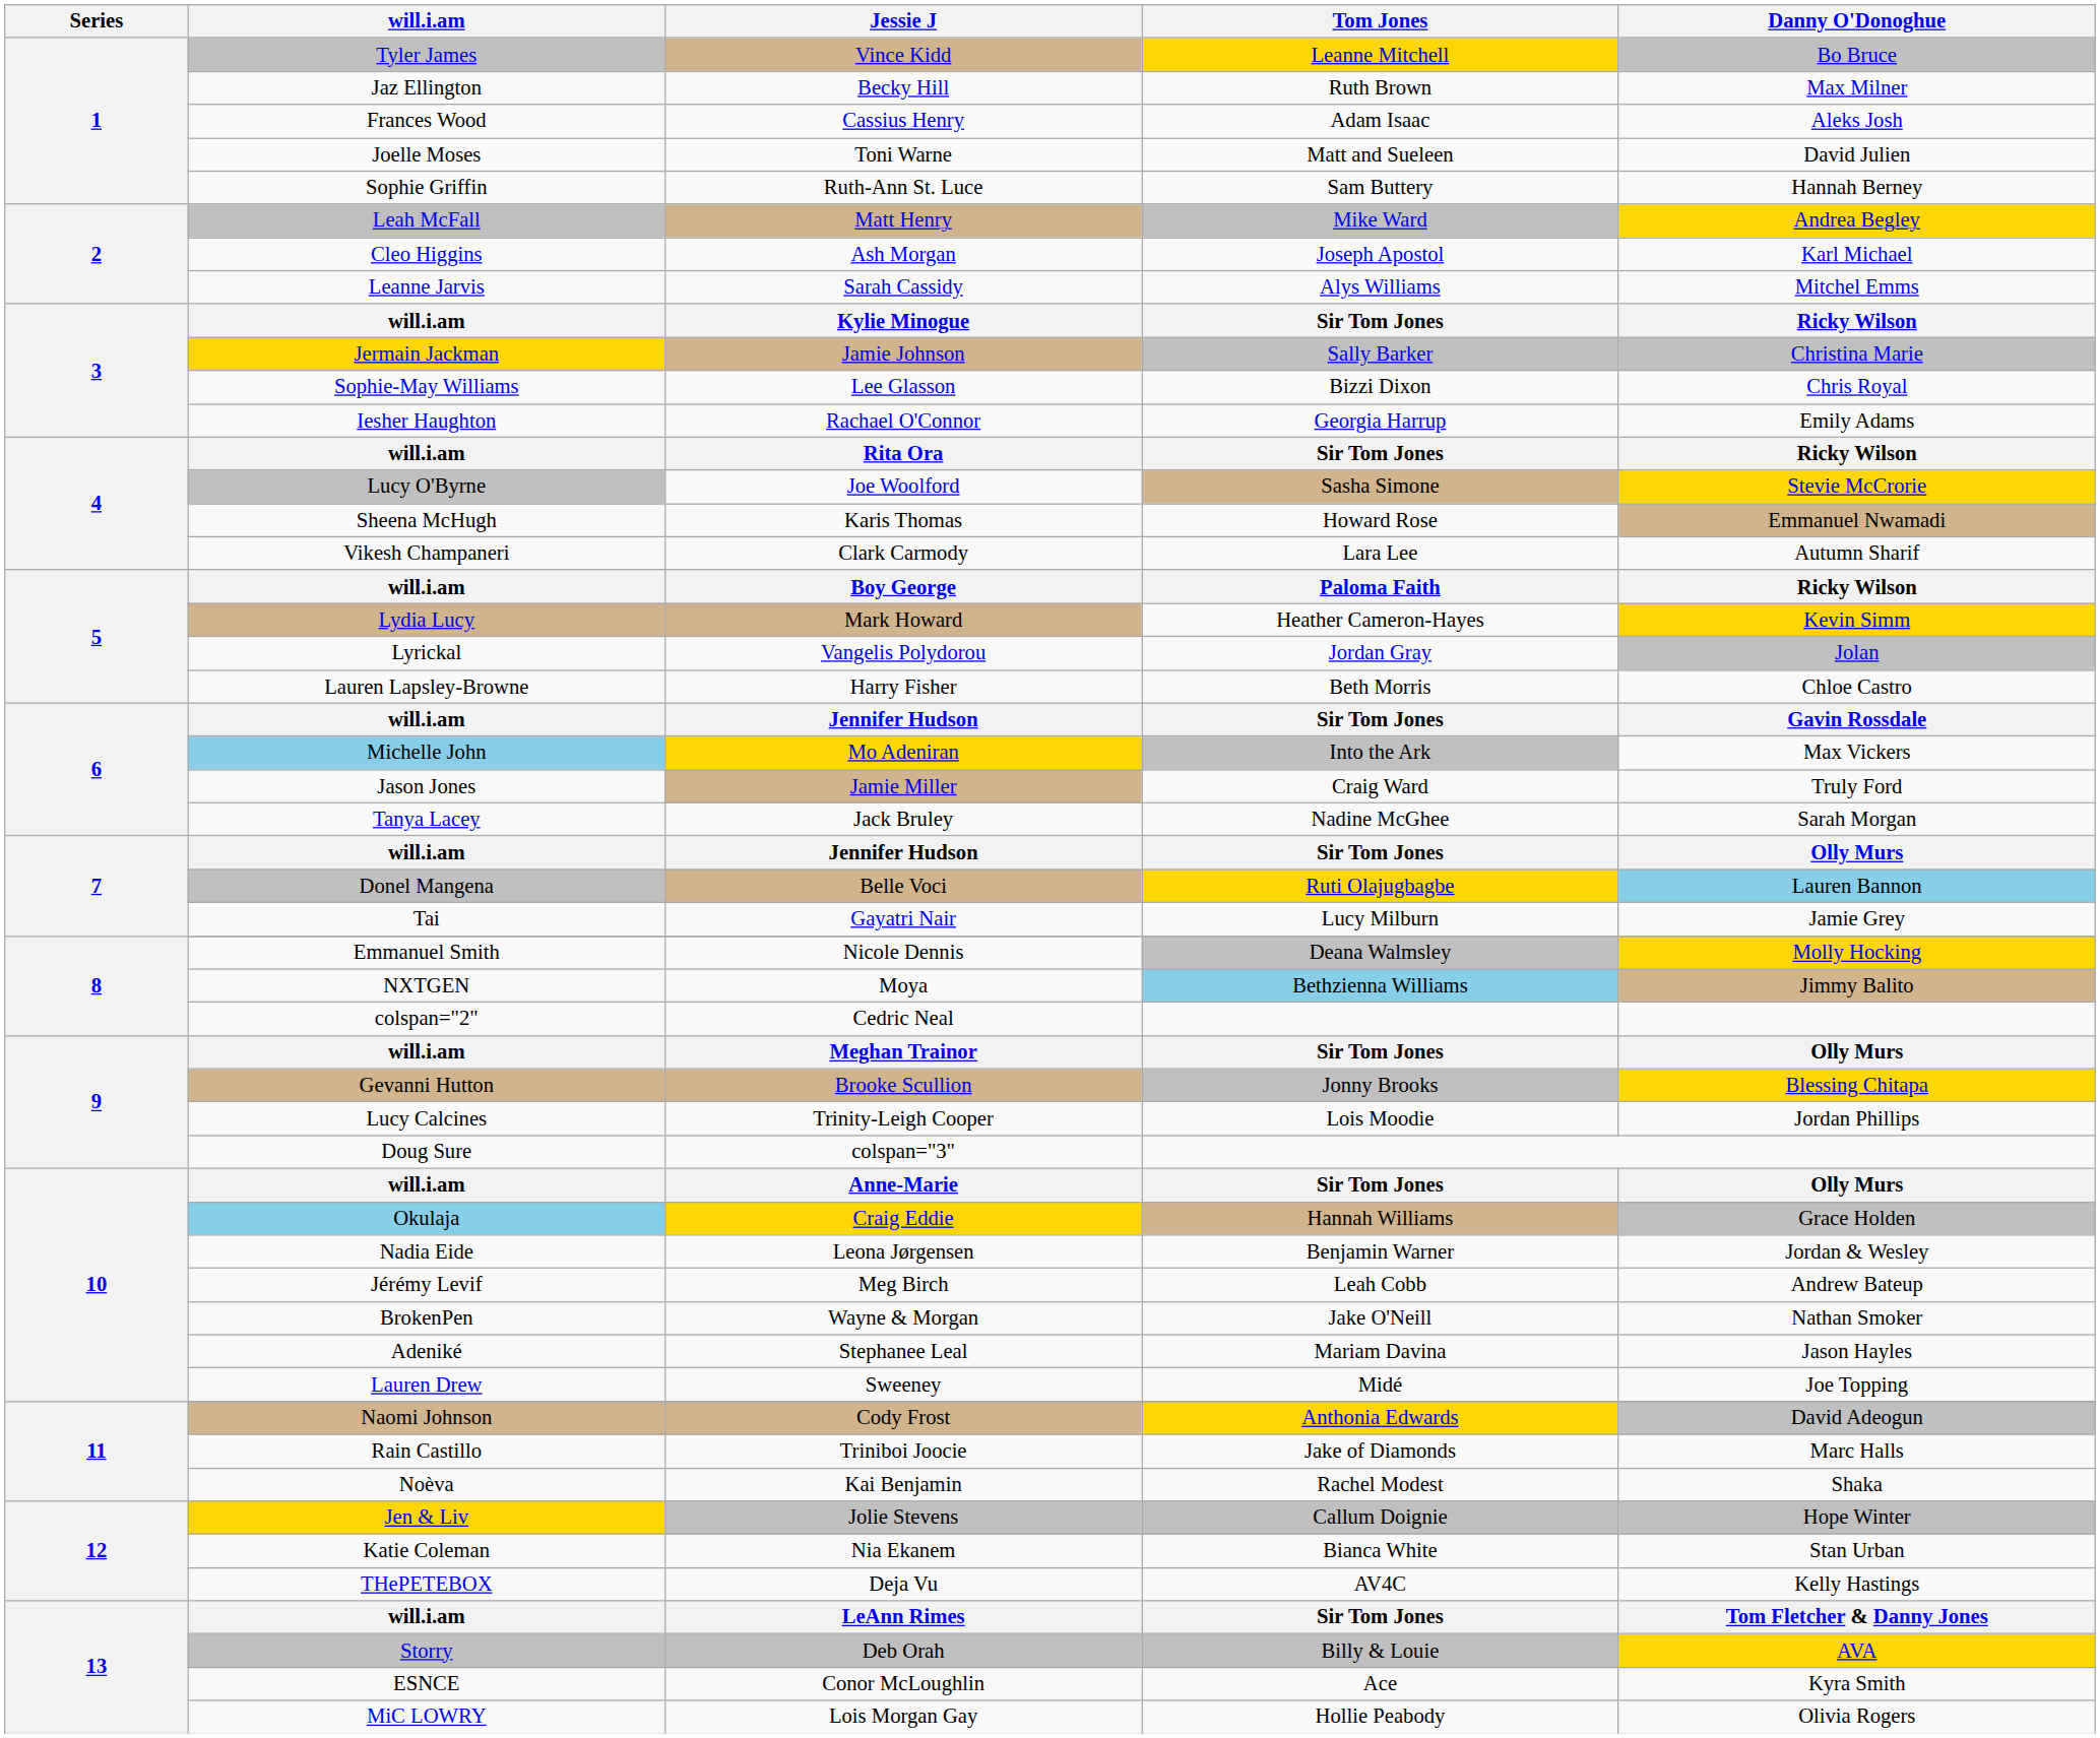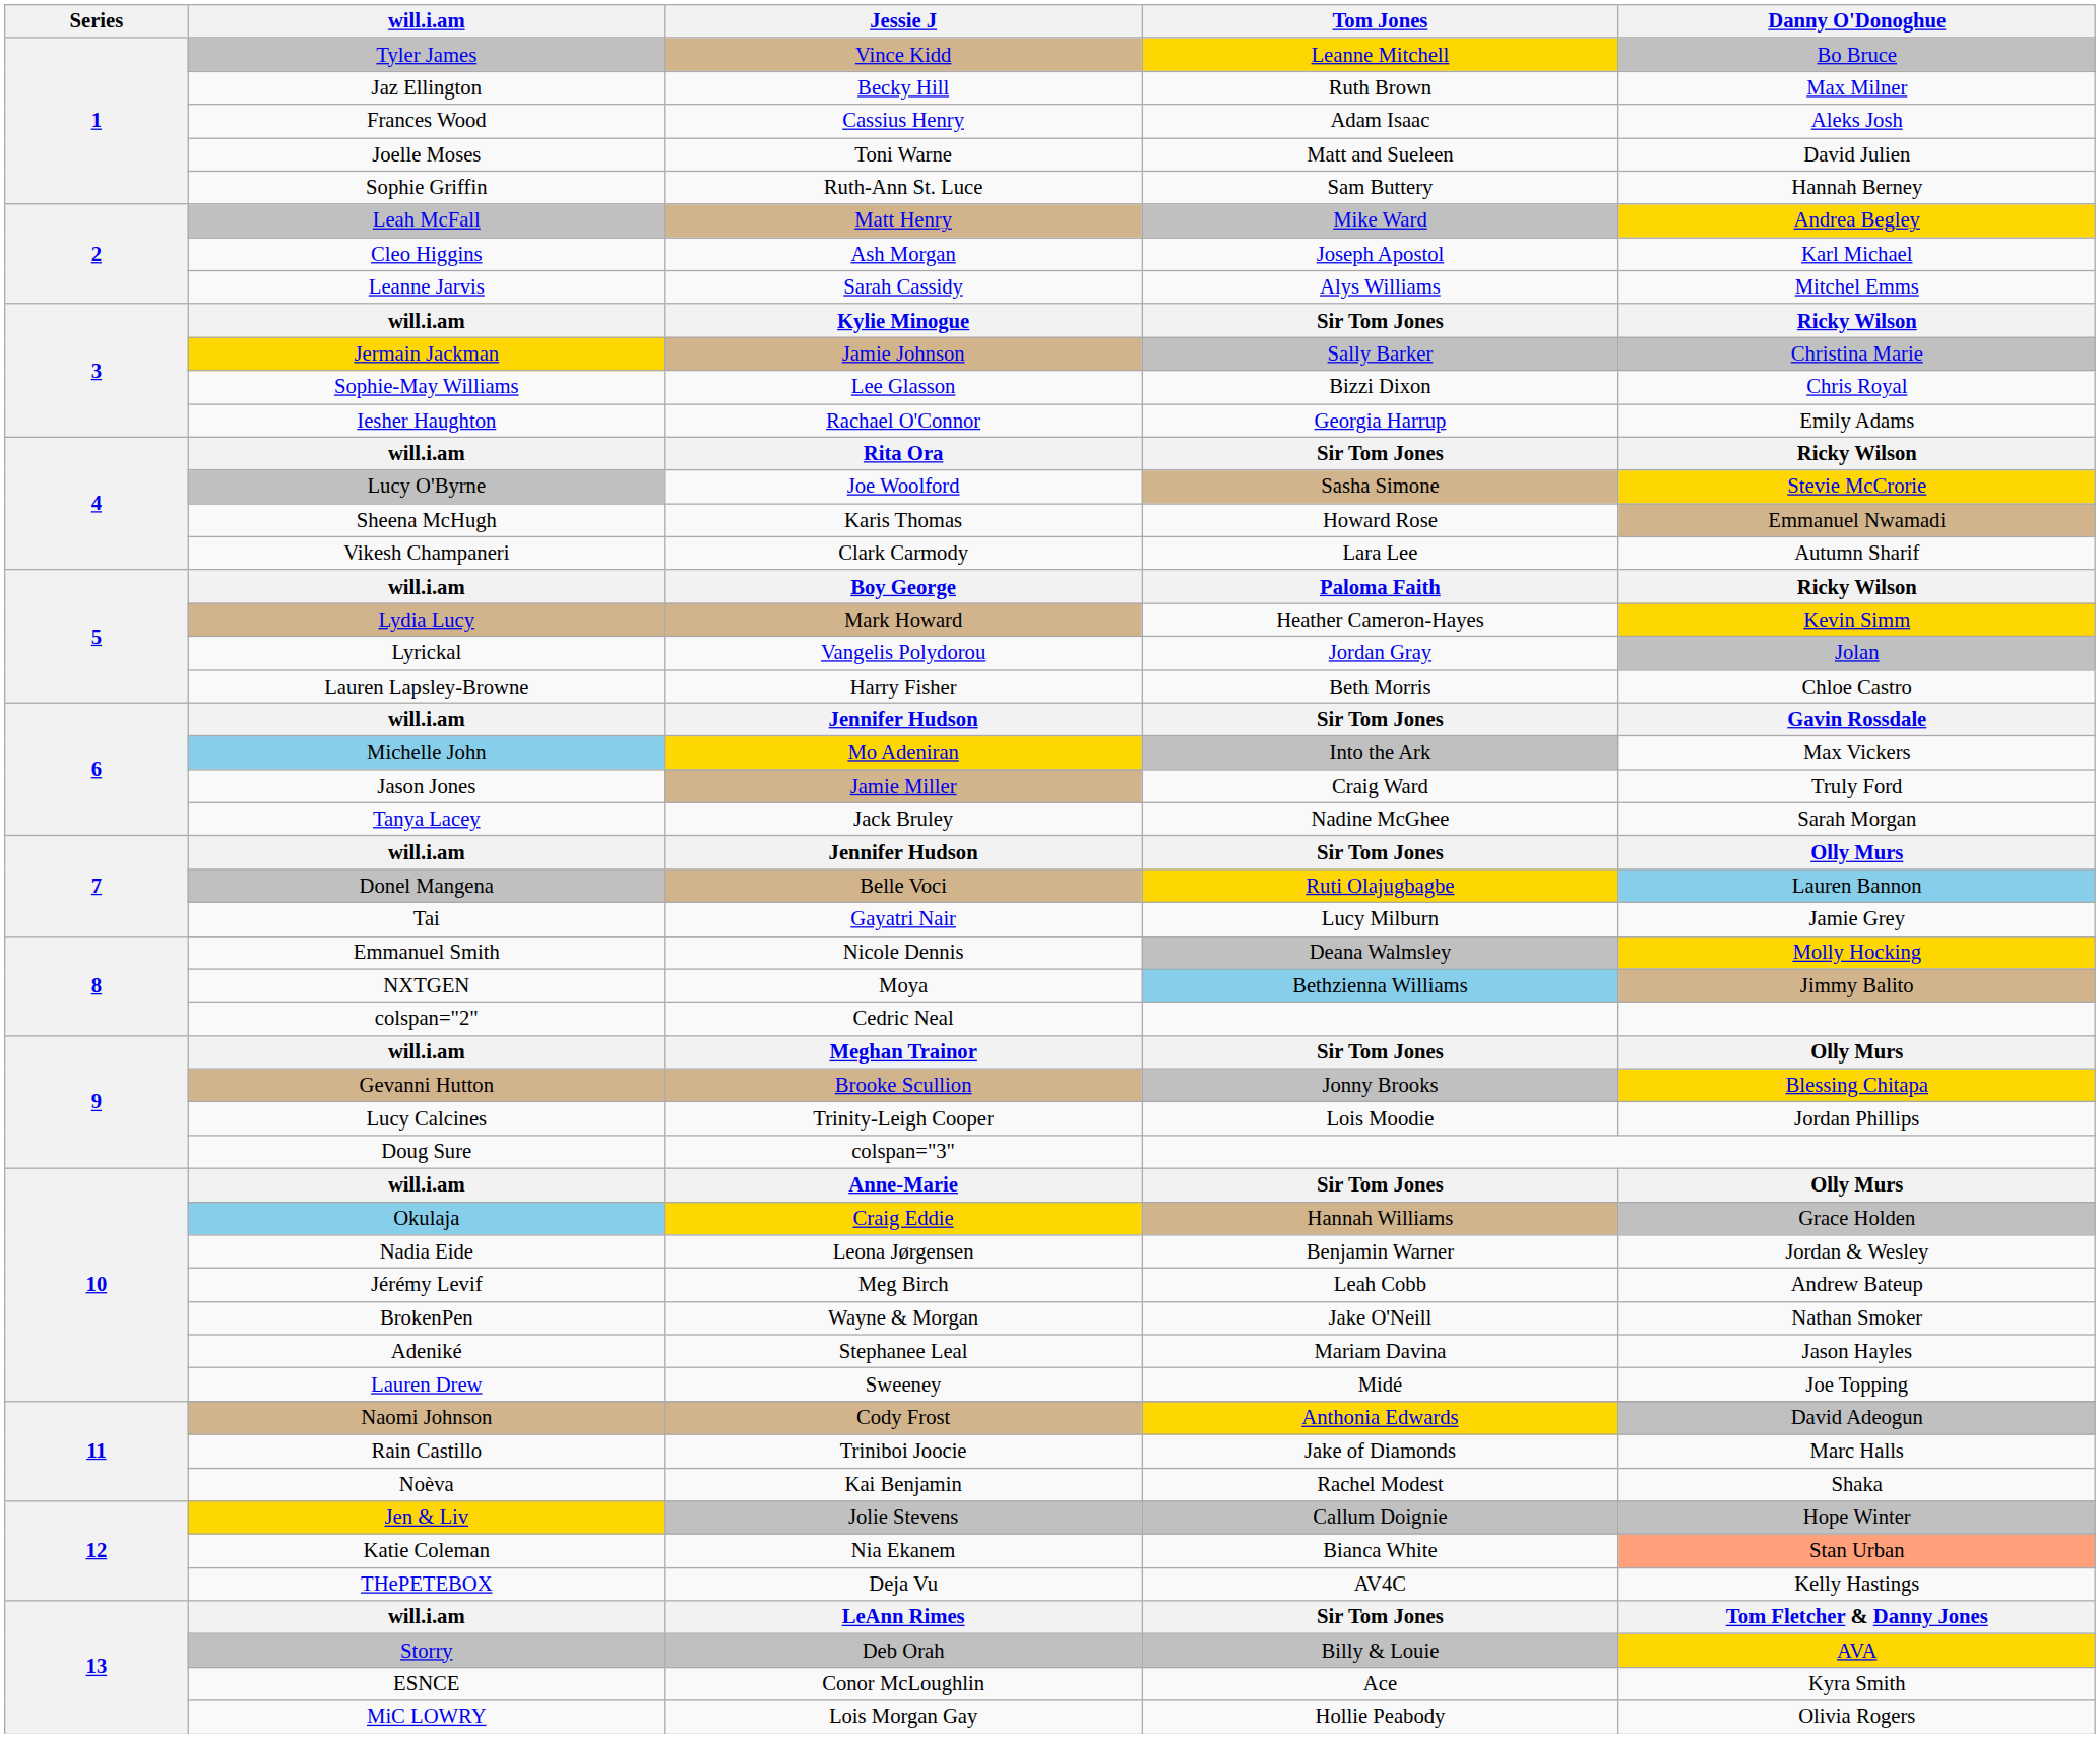 <table class="wikitable" style="text-align:center">
 <tr>
 <th style="width:05%" scope="col">Series</th>
 <th style="width:13%" scope="col"><a href='#'>will.i.am</a></th>
 <th style="width:13%" scope="col"><a href='#'>Jessie J</a></th>
 <th style="width:13%" scope="col"><a href='#'>Tom Jones</a></th>
 <th style="width:13%" scope="col"><a href='#'>Danny O'Donoghue</a></th>
 </tr>
 <tr>
 <th scope="row" rowspan="5"><a href='#'>1</a></th>
 <td style="background:silver"><a href='#'>Tyler James</a></td>
 <td style="background:tan"><a href='#'>Vince Kidd</a></td>
 <td style="background:gold"><a href='#'>Leanne Mitchell</a></td>
 <td style="background:silver"><a href='#'>Bo Bruce</a></td>
 </tr>
 <tr>
 <td>Jaz Ellington</td>
 <td><a href='#'>Becky Hill</a></td>
 <td>Ruth Brown</td>
 <td><a href='#'>Max Milner</a></td>
 </tr>
 <tr>
 <td>Frances Wood</td>
 <td><a href='#'>Cassius Henry</a></td>
 <td>Adam Isaac</td>
 <td><a href='#'>Aleks Josh</a></td>
 </tr>
 <tr>
 <td>Joelle Moses</td>
 <td>Toni Warne</td>
 <td>Matt and Sueleen</td>
 <td>David Julien</td>
 </tr>
 <tr>
 <td>Sophie Griffin</td>
 <td>Ruth-Ann St. Luce</td>
 <td>Sam Buttery</td>
 <td>Hannah Berney</td>
 </tr>
 <tr>
 <th scope="row" rowspan="3"><a href='#'>2</a></th>
 <td style="background:silver"><a href='#'>Leah McFall</a></td>
 <td style="background:tan"><a href='#'>Matt Henry</a></td>
 <td style="background:silver"><a href='#'>Mike Ward</a></td>
 <td style="background:gold"><a href='#'>Andrea Begley</a></td>
 </tr>
 <tr>
 <td><a href='#'>Cleo Higgins</a></td>
 <td><a href='#'>Ash Morgan</a></td>
 <td><a href='#'>Joseph Apostol</a></td>
 <td><a href='#'>Karl Michael</a></td>
 </tr>
 <tr>
 <td><a href='#'>Leanne Jarvis</a></td>
 <td><a href='#'>Sarah Cassidy</a></td>
 <td><a href='#'>Alys Williams</a></td>
 <td><a href='#'>Mitchel Emms</a></td>
 </tr>
 <tr>
 <th scope="row" rowspan="4"><a href='#'>3</a></th>
 <th scope="col">will.i.am</th>
 <th scope="col"><a href='#'>Kylie Minogue</a></th>
 <th scope="col">Sir Tom Jones</th>
 <th scope="col"><a href='#'>Ricky Wilson</a></th>
 </tr>
 <tr>
 <td style="background:gold"><a href='#'>Jermain Jackman</a></td>
 <td style="background:tan"><a href='#'>Jamie Johnson</a></td>
 <td style="background:silver"><a href='#'>Sally Barker</a></td>
 <td style="background:silver"><a href='#'>Christina Marie</a></td>
 </tr>
 <tr>
 <td><a href='#'>Sophie-May Williams</a></td>
 <td><a href='#'>Lee Glasson</a></td>
 <td>Bizzi Dixon</td>
 <td><a href='#'>Chris Royal</a></td>
 </tr>
 <tr>
 <td><a href='#'>Iesher Haughton</a></td>
 <td><a href='#'>Rachael O'Connor</a></td>
 <td><a href='#'>Georgia Harrup</a></td>
 <td>Emily Adams</td>
 </tr>
 <tr>
 <th scope="row" rowspan="4"><a href='#'>4</a></th>
 <th scope="col">will.i.am</th>
 <th scope="col"><a href='#'>Rita Ora</a></th>
 <th scope="col">Sir Tom Jones</th>
 <th scope="col">Ricky Wilson</th>
 </tr>
 <tr>
 <td style="background:silver">Lucy O'Byrne</td>
 <td><a href='#'>Joe Woolford</a></td>
 <td style="background:tan">Sasha Simone</td>
 <td style="background:gold"><a href='#'>Stevie McCrorie</a></td>
 </tr>
 <tr>
 <td>Sheena McHugh</td>
 <td>Karis Thomas</td>
 <td>Howard Rose</td>
 <td style="background:tan">Emmanuel Nwamadi</td>
 </tr>
 <tr>
 <td>Vikesh Champaneri</td>
 <td>Clark Carmody</td>
 <td>Lara Lee</td>
 <td>Autumn Sharif</td>
 </tr>
 <tr>
 <th scope="row" rowspan="4"><a href='#'>5</a></th>
 <th scope="col">will.i.am</th>
 <th scope="col"><a href='#'>Boy George</a></th>
 <th scope="col"><a href='#'>Paloma Faith</a></th>
 <th scope="col">Ricky Wilson</th>
 </tr>
 <tr>
 <td style="background:tan"><a href='#'>Lydia Lucy</a></td>
 <td style="background:tan">Mark Howard</td>
 <td>Heather Cameron-Hayes</td>
 <td style="background:gold"><a href='#'>Kevin Simm</a></td>
 </tr>
 <tr>
 <td>Lyrickal</td>
 <td><a href='#'>Vangelis Polydorou</a></td>
 <td><a href='#'>Jordan Gray</a></td>
 <td style="background:silver"><a href='#'>Jolan</a></td>
 </tr>
 <tr>
 <td>Lauren Lapsley-Browne</td>
 <td>Harry Fisher</td>
 <td>Beth Morris</td>
 <td>Chloe Castro</td>
 </tr>
 <tr>
 <th rowspan="4" scope="row"><a href='#'>6</a></th>
 <th scope="col">will.i.am</th>
 <th scope="col"><a href='#'>Jennifer Hudson</a></th>
 <th scope="col">Sir Tom Jones</th>
 <th scope="col"><a href='#'>Gavin Rossdale</a></th>
 </tr>
 <tr>
 <td style="background:skyblue">Michelle John</td>
 <td style="background:gold"><a href='#'>Mo Adeniran</a></td>
 <td style="background:silver">Into the Ark</td>
 <td>Max Vickers</td>
 </tr>
 <tr>
 <td>Jason Jones</td>
 <td style="background:tan"><a href='#'>Jamie Miller</a></td>
 <td>Craig Ward</td>
 <td>Truly Ford</td>
 </tr>
 <tr>
 <td><a href='#'>Tanya Lacey</a></td>
 <td>Jack Bruley</td>
 <td>Nadine McGhee</td>
 <td>Sarah Morgan</td>
 </tr>
 <tr>
 <th rowspan="3" scope="row"><a href='#'>7</a></th>
 <th scope="col">will.i.am</th>
 <th scope="col">Jennifer Hudson</th>
 <th scope="col">Sir Tom Jones</th>
 <th scope="col"><a href='#'>Olly Murs</a></th>
 </tr>
 <tr>
 <td style="background:silver">Donel Mangena</td>
 <td style="background:tan">Belle Voci</td>
 <td style="background:gold"><a href='#'>Ruti Olajugbagbe</a></td>
 <td style="background:skyblue">Lauren Bannon</td>
 </tr>
 <tr>
 <td>Tai</td>
 <td><a href='#'>Gayatri Nair</a></td>
 <td>Lucy Milburn</td>
 <td>Jamie Grey</td>
 </tr>
 <tr>
 <th rowspan="4" scope="row"><a href='#'>8</a></th>
 </tr>
 <tr>
 <td>Emmanuel Smith</td>
 <td>Nicole Dennis</td>
 <td style="background:silver">Deana Walmsley</td>
 <td style="background:gold"><a href='#'>Molly Hocking</a></td>
 </tr>
 <tr>
 <td>NXTGEN</td>
 <td>Moya</td>
 <td style="background:skyblue">Bethzienna Williams</td>
 <td style="background:tan">Jimmy Balito</td>
 </tr>
 <tr>
 <td>colspan="2" </td>
 <td>Cedric Neal</td>
 <td></td>
 </tr>
 <tr>
 <th rowspan="4" scope="row"><a href='#'>9</a></th>
 <th scope="col">will.i.am</th>
 <th scope="col"><a href='#'>Meghan Trainor</a></th>
 <th scope="col">Sir Tom Jones</th>
 <th scope="col">Olly Murs</th>
 </tr>
 <tr>
 <td style="background:tan">Gevanni Hutton</td>
 <td style="background:tan"><a href='#'>Brooke Scullion</a></td>
 <td style="background:silver">Jonny Brooks</td>
 <td style="background:gold"><a href='#'>Blessing Chitapa</a></td>
 </tr>
 <tr>
 <td>Lucy Calcines</td>
 <td>Trinity-Leigh Cooper</td>
 <td>Lois Moodie</td>
 <td>Jordan Phillips</td>
 </tr>
 <tr>
 <td>Doug Sure</td>
 <td>colspan="3" </td>
 </tr>
 <tr>
 <th rowspan="7" scope="row"><a href='#'>10</a></th>
 <th scope="col">will.i.am</th>
 <th scope="col"><a href='#'>Anne-Marie</a></th>
 <th scope="col">Sir Tom Jones</th>
 <th scope="col">Olly Murs</th>
 </tr>
 <tr>
 <td style="background:skyblue">Okulaja</td>
 <td style="background:gold"><a href='#'>Craig Eddie</a></td>
 <td style="background:tan">Hannah Williams</td>
 <td style="background:silver">Grace Holden</td>
 </tr>
 <tr>
 <td>Nadia Eide</td>
 <td>Leona Jørgensen</td>
 <td>Benjamin Warner</td>
 <td>Jordan & Wesley</td>
 </tr>
 <tr>
 <td>Jérémy Levif</td>
 <td>Meg Birch</td>
 <td>Leah Cobb</td>
 <td>Andrew Bateup</td>
 </tr>
 <tr>
 <td>BrokenPen</td>
 <td>Wayne & Morgan</td>
 <td>Jake O'Neill</td>
 <td>Nathan Smoker</td>
 </tr>
 <tr>
 <td>Adeniké</td>
 <td>Stephanee Leal</td>
 <td>Mariam Davina</td>
 <td>Jason Hayles</td>
 </tr>
 <tr>
 <td><a href='#'>Lauren Drew</a></td>
 <td>Sweeney</td>
 <td>Midé</td>
 <td>Joe Topping</td>
 </tr>
 <tr>
 <th rowspan="4" scope="row"><a href='#'>11</a></th>
 </tr>
 <tr>
 <td style="background:tan">Naomi Johnson</td>
 <td style="background:tan">Cody Frost</td>
 <td style="background:gold"><a href='#'>Anthonia Edwards</a></td>
 <td style="background:silver">David Adeogun</td>
 </tr>
 <tr>
 <td>Rain Castillo</td>
 <td>Triniboi Joocie</td>
 <td>Jake of Diamonds</td>
 <td>Marc Halls</td>
 </tr>
 <tr>
 <td>Noèva</td>
 <td>Kai Benjamin</td>
 <td>Rachel Modest</td>
 <td>Shaka</td>
 </tr>
 <tr>
 <th rowspan="3" scope="row"><a href='#'>12</a></th>
 <td style="background:gold"><a href='#'>Jen & Liv</a></td>
 <td style="background:silver">Jolie Stevens</td>
 <td style="background:silver">Callum Doignie</td>
 <td style="background:silver">Hope Winter</td>
 </tr>
 <tr>
 <td>Katie Coleman</td>
 <td>Nia Ekanem</td>
 <td>Bianca White</td>
-<td>Stan Urban</td>
+<td style="background: lightsalmon;">Stan Urban</td>
 </tr>
 <tr>
 <td><a href='#'>THePETEBOX</a></td>
 <td>Deja Vu</td>
 <td>AV4C</td>
 <td>Kelly Hastings</td>
 </tr>
 <tr>
 <th rowspan="4" scope="row"><a href='#'>13</a></th>
 <th scope="col">will.i.am</th>
 <th scope="col"><a href='#'>LeAnn Rimes</a></th>
 <th scope="col">Sir Tom Jones</th>
 <th scope="col"><a href='#'>Tom Fletcher</a> & <a href='#'>Danny Jones</a></th>
 </tr>
 <tr>
 <td style="background:silver"><a href='#'>Storry</a></td>
 <td style="background:silver">Deb Orah</td>
 <td style="background:silver">Billy & Louie</td>
 <td style="background:gold"><a href='#'>AVA</a></td>
 </tr>
 <tr>
 <td>ESNCE</td>
 <td>Conor McLoughlin</td>
 <td>Ace</td>
 <td>Kyra Smith</td>
 </tr>
 <tr>
 <td><a href='#'>MiC LOWRY</a></td>
 <td>Lois Morgan Gay</td>
 <td>Hollie Peabody</td>
 <td>Olivia Rogers</td>
 </tr>
 </table>
